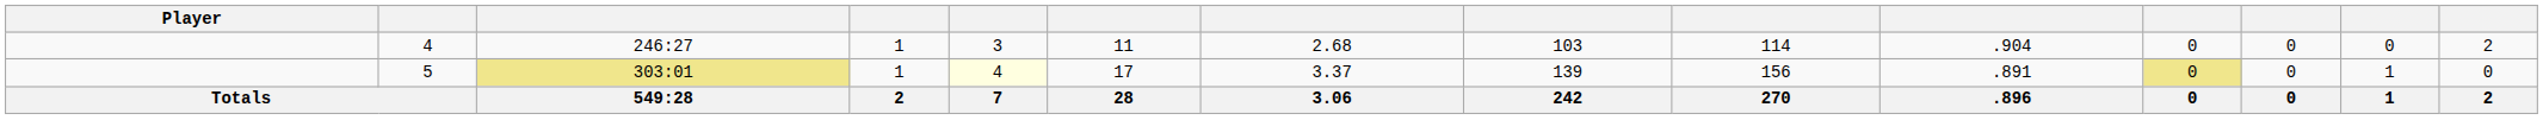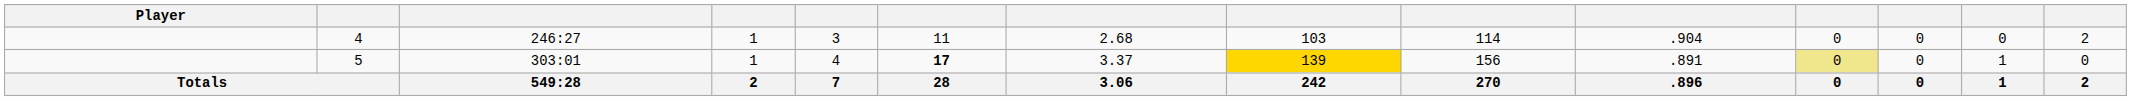 <table class="wikitable sortable" style="width:100%;">
 <tr style="text-align:center; background:#ddd;">
 <th>Player</th>
 <th></th>
 <th></th>
 <th></th>
 <th></th>
 <th></th>
 <th></th>
 <th></th>
 <th></th>
 <th></th>
 <th></th>
 <th></th>
 <th></th>
 <th></th>
 </tr>
 <tr align=center>
 <td style=white-space:nowrap></td>
 <td>4</td>
 <td>246:27</td>
 <td>1</td>
 <td>3</td>
 <td>11</td>
 <td>2.68</td>
 <td>103</td>
 <td>114</td>
 <td>.904</td>
 <td>0</td>
 <td>0</td>
 <td>0</td>
 <td>2</td>
 </tr>
 <tr align=center>
 <td style=white-space:nowrap></td>
 <td>5</td>
-<td style="background: khaki;">303:01</td>
+<td>303:01</td>
 <td>1</td>
-<td style="background: lightyellow;">4</td>
-<td>17</td>
+<td>4</td>
+<td><strong>17</strong></td>
 <td>3.37</td>
-<td>139</td>
+<td style="background: gold;">139</td>
 <td>156</td>
 <td>.891</td>
 <td style="background: khaki;">0</td>
 <td>0</td>
 <td>1</td>
 <td>0</td>
 </tr>
 <tr class="unsortable">
 <th colspan=2>Totals</th>
 <th>549:28</th>
 <th>2</th>
 <th>7</th>
 <th>28</th>
 <th>3.06</th>
 <th>242</th>
 <th>270</th>
 <th>.896</th>
 <th>0</th>
 <th>0</th>
 <th>1</th>
 <th>2</th>
 </tr>
 </table>
